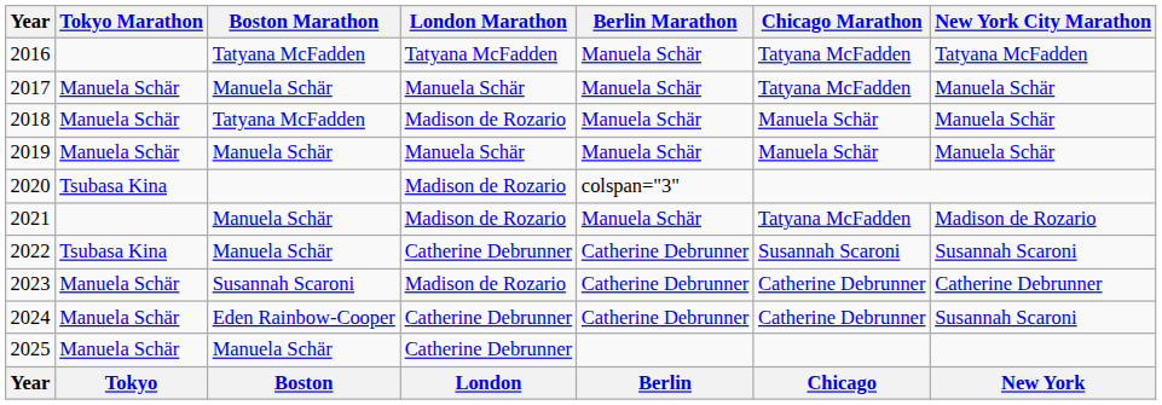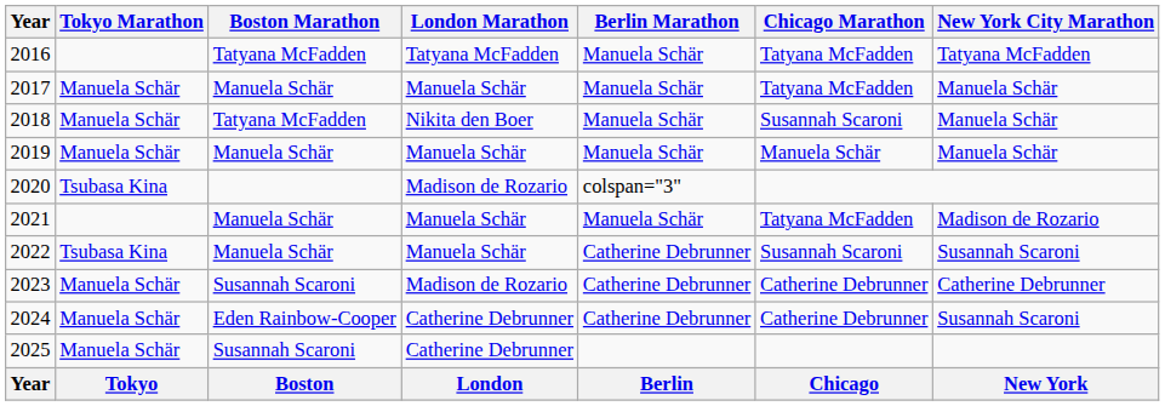 <table class="wikitable" style="font-size: 85%">
 <tr>
 <th>Year</th>
 <th><a href='#'>Tokyo Marathon</a></th>
 <th><a href='#'>Boston Marathon</a></th>
 <th><a href='#'>London Marathon</a></th>
 <th><a href='#'>Berlin Marathon</a></th>
 <th><a href='#'>Chicago Marathon</a></th>
 <th><a href='#'>New York City Marathon</a></th>
 </tr>
 <tr>
 <td>2016</td>
 <td></td>
 <td> <a href='#'>Tatyana McFadden</a> </td>
 <td> <a href='#'>Tatyana McFadden</a> </td>
 <td> <a href='#'>Manuela Schär</a> </td>
 <td> <a href='#'>Tatyana McFadden</a> </td>
 <td> <a href='#'>Tatyana McFadden</a> </td>
 </tr>
 <tr>
 <td>2017</td>
 <td> <a href='#'>Manuela Schär</a> </td>
 <td> <a href='#'>Manuela Schär</a> </td>
 <td> <a href='#'>Manuela Schär</a> </td>
 <td> <a href='#'>Manuela Schär</a> </td>
 <td> <a href='#'>Tatyana McFadden</a> </td>
 <td> <a href='#'>Manuela Schär</a> </td>
 </tr>
 <tr>
 <td>2018</td>
 <td> <a href='#'>Manuela Schär</a> </td>
 <td> <a href='#'>Tatyana McFadden</a> </td>
-<td> <a href='#'>Madison de Rozario</a> </td>
+<td> <a href='#'>Nikita den Boer</a></td>
 <td> <a href='#'>Manuela Schär</a> </td>
-<td> <a href='#'>Manuela Schär</a> </td>
+<td> <a href='#'>Susannah Scaroni</a> </td>
 <td> <a href='#'>Manuela Schär</a> </td>
 </tr>
 <tr>
 <td>2019</td>
 <td> <a href='#'>Manuela Schär</a> </td>
 <td> <a href='#'>Manuela Schär</a> </td>
 <td> <a href='#'>Manuela Schär</a> </td>
 <td> <a href='#'>Manuela Schär</a> </td>
 <td> <a href='#'>Manuela Schär</a> </td>
 <td> <a href='#'>Manuela Schär</a> </td>
 </tr>
 <tr>
 <td>2020</td>
 <td> <a href='#'>Tsubasa Kina</a> </td>
 <td></td>
 <td> <a href='#'>Madison de Rozario</a> </td>
 <td>colspan="3" </td>
 </tr>
 <tr>
 <td>2021</td>
 <td></td>
 <td> <a href='#'>Manuela Schär</a> </td>
-<td> <a href='#'>Madison de Rozario</a> </td>
+<td> <a href='#'>Manuela Schär</a> </td>
 <td> <a href='#'>Manuela Schär</a> </td>
 <td> <a href='#'>Tatyana McFadden</a> </td>
 <td> <a href='#'>Madison de Rozario</a> </td>
 </tr>
 <tr>
 <td>2022</td>
 <td> <a href='#'>Tsubasa Kina</a> </td>
 <td> <a href='#'>Manuela Schär</a> </td>
-<td> <a href='#'>Catherine Debrunner</a> </td>
+<td> <a href='#'>Manuela Schär</a> </td>
 <td> <a href='#'>Catherine Debrunner</a> </td>
 <td> <a href='#'>Susannah Scaroni</a> </td>
 <td> <a href='#'>Susannah Scaroni</a> </td>
 </tr>
 <tr>
 <td>2023</td>
 <td> <a href='#'>Manuela Schär</a> </td>
 <td> <a href='#'>Susannah Scaroni</a> </td>
 <td> <a href='#'>Madison de Rozario</a> </td>
 <td> <a href='#'>Catherine Debrunner</a> </td>
 <td> <a href='#'>Catherine Debrunner</a> </td>
 <td> <a href='#'>Catherine Debrunner</a> </td>
 </tr>
 <tr>
 <td>2024</td>
 <td> <a href='#'>Manuela Schär</a> </td>
 <td> <a href='#'>Eden Rainbow-Cooper</a> </td>
 <td> <a href='#'>Catherine Debrunner</a> </td>
 <td> <a href='#'>Catherine Debrunner</a> </td>
 <td> <a href='#'>Catherine Debrunner</a> </td>
 <td> <a href='#'>Susannah Scaroni</a> </td>
 </tr>
 <tr>
 <td>2025</td>
 <td> <a href='#'>Manuela Schär</a> </td>
-<td> <a href='#'>Manuela Schär</a> </td>
+<td> <a href='#'>Susannah Scaroni</a> </td>
 <td> <a href='#'>Catherine Debrunner</a> </td>
 <td></td>
 <td></td>
 </tr>
 <tr>
 <th>Year</th>
 <th><a href='#'>Tokyo</a></th>
 <th><a href='#'>Boston</a></th>
 <th><a href='#'>London</a></th>
 <th><a href='#'>Berlin</a></th>
 <th><a href='#'>Chicago</a></th>
 <th><a href='#'>New York</a></th>
 </tr>
 </table>
